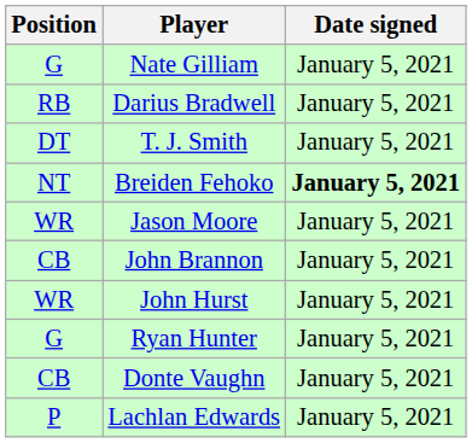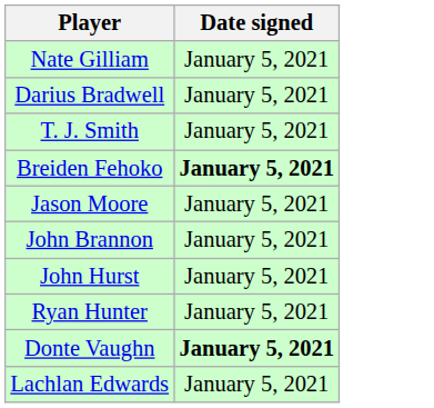 <table class="wikitable" style="text-align:center">
 <tr>
-<th>Position</th>
 <th>Player</th>
 <th>Date signed</th>
 </tr>
 <tr style="background:#cfc">
-<td><a href='#'>G</a></td>
 <td><a href='#'>Nate Gilliam</a></td>
 <td>January 5, 2021</td>
 </tr>
 <tr style="background:#cfc">
-<td><a href='#'>RB</a></td>
 <td><a href='#'>Darius Bradwell</a></td>
 <td>January 5, 2021</td>
 </tr>
 <tr style="background:#cfc">
-<td><a href='#'>DT</a></td>
 <td><a href='#'>T. J. Smith</a></td>
 <td>January 5, 2021</td>
 </tr>
 <tr style="background:#cfc">
-<td><a href='#'>NT</a></td>
 <td><a href='#'>Breiden Fehoko</a></td>
 <td><strong>January 5, 2021</strong></td>
 </tr>
 <tr style="background:#cfc">
-<td><a href='#'>WR</a></td>
 <td><a href='#'>Jason Moore</a></td>
 <td>January 5, 2021</td>
 </tr>
 <tr style="background:#cfc">
-<td><a href='#'>CB</a></td>
 <td><a href='#'>John Brannon</a></td>
 <td>January 5, 2021</td>
 </tr>
 <tr style="background:#cfc">
-<td><a href='#'>WR</a></td>
 <td><a href='#'>John Hurst</a></td>
 <td>January 5, 2021</td>
 </tr>
 <tr style="background:#cfc">
-<td><a href='#'>G</a></td>
 <td><a href='#'>Ryan Hunter</a></td>
 <td>January 5, 2021</td>
 </tr>
 <tr style="background:#cfc">
-<td><a href='#'>CB</a></td>
 <td><a href='#'>Donte Vaughn</a></td>
-<td>January 5, 2021</td>
+<td><strong>January 5, 2021</strong></td>
 </tr>
 <tr style="background:#cfc">
-<td><a href='#'>P</a></td>
 <td><a href='#'>Lachlan Edwards</a></td>
 <td>January 5, 2021</td>
 </tr>
 </table>
